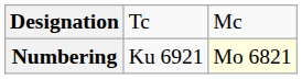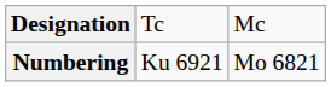 <table class="wikitable">
 <tr>
 <th>Designation</th>
 <td>Tc</td>
 <td>Mc</td>
 </tr>
 <tr>
 <th>Numbering</th>
 <td>Ku 6921</td>
-<td style="background: lightyellow;">Mo 6821</td>
+<td>Mo 6821</td>
 </tr>
 </table>
